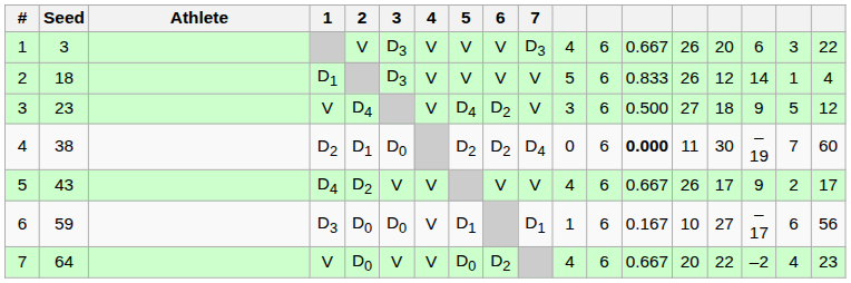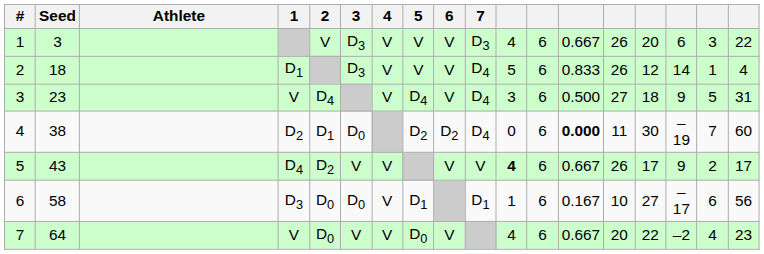 <table class="wikitable" style="text-align:center">
 <tr>
 <th width="25">#</th>
 <th width="25">Seed</th>
 <th width="200">Athlete</th>
 <th width="25">1</th>
 <th width="25">2</th>
 <th width="25">3</th>
 <th width="25">4</th>
 <th width="25">5</th>
 <th width="25">6</th>
 <th width="25">7</th>
 <th width="25"></th>
 <th width="25"></th>
 <th width="40"></th>
 <th width="25"></th>
 <th width="25"></th>
 <th width="25"></th>
 <th width="25"></th>
 <th width="25"></th>
 </tr>
 <tr bgcolor="#ccffcc">
 <td>1</td>
 <td>3</td>
 <td align=left></td>
 <td bgcolor="#cccccc"></td>
 <td>V</td>
 <td>D<sub>3</sub></td>
 <td>V</td>
 <td>V</td>
 <td>V</td>
 <td>D<sub>3</sub></td>
 <td>4</td>
 <td>6</td>
 <td>0.667</td>
 <td>26</td>
 <td>20</td>
 <td>6</td>
 <td>3</td>
 <td>22</td>
 </tr>
 <tr bgcolor="#ccffcc">
 <td>2</td>
 <td>18</td>
 <td align=left></td>
 <td>D<sub>1</sub></td>
 <td bgcolor="#cccccc"></td>
 <td>D<sub>3</sub></td>
 <td>V</td>
 <td>V</td>
 <td>V</td>
-<td>V</td>
+<td>D<sub>4</sub></td>
 <td>5</td>
 <td>6</td>
 <td>0.833</td>
 <td>26</td>
 <td>12</td>
 <td>14</td>
 <td>1</td>
 <td>4</td>
 </tr>
 <tr bgcolor="#ccffcc">
 <td>3</td>
 <td>23</td>
 <td align=left></td>
 <td>V</td>
 <td>D<sub>4</sub></td>
 <td bgcolor="#cccccc"></td>
 <td>V</td>
 <td>D<sub>4</sub></td>
-<td>D<sub>2</sub></td>
 <td>V</td>
+<td>D<sub>4</sub></td>
 <td>3</td>
 <td>6</td>
 <td>0.500</td>
 <td>27</td>
 <td>18</td>
 <td>9</td>
 <td>5</td>
-<td>12</td>
+<td>31</td>
 </tr>
 <tr>
 <td>4</td>
 <td>38</td>
 <td align=left></td>
 <td>D<sub>2</sub></td>
 <td>D<sub>1</sub></td>
 <td>D<sub>0</sub></td>
 <td bgcolor="#cccccc"></td>
 <td>D<sub>2</sub></td>
 <td>D<sub>2</sub></td>
 <td>D<sub>4</sub></td>
 <td>0</td>
 <td>6</td>
 <td><strong>0.000</strong></td>
 <td>11</td>
 <td>30</td>
 <td>–19</td>
 <td>7</td>
 <td>60</td>
 </tr>
 <tr bgcolor="#ccffcc">
 <td>5</td>
 <td>43</td>
 <td align=left></td>
 <td>D<sub>4</sub></td>
 <td>D<sub>2</sub></td>
 <td>V</td>
 <td>V</td>
 <td bgcolor="#cccccc"></td>
 <td>V</td>
 <td>V</td>
-<td>4</td>
+<td><strong>4</strong></td>
 <td>6</td>
 <td>0.667</td>
 <td>26</td>
 <td>17</td>
 <td>9</td>
 <td>2</td>
 <td>17</td>
 </tr>
 <tr>
 <td>6</td>
-<td>59</td>
+<td>58</td>
 <td align=left></td>
 <td>D<sub>3</sub></td>
 <td>D<sub>0</sub></td>
 <td>D<sub>0</sub></td>
 <td>V</td>
 <td>D<sub>1</sub></td>
 <td bgcolor="#cccccc"></td>
 <td>D<sub>1</sub></td>
 <td>1</td>
 <td>6</td>
 <td>0.167</td>
 <td>10</td>
 <td>27</td>
 <td>–17</td>
 <td>6</td>
 <td>56</td>
 </tr>
 <tr bgcolor="#ccffcc">
 <td>7</td>
 <td>64</td>
 <td align=left></td>
 <td>V</td>
 <td>D<sub>0</sub></td>
 <td>V</td>
 <td>V</td>
 <td>D<sub>0</sub></td>
-<td>D<sub>2</sub></td>
+<td>V</td>
 <td bgcolor="#cccccc"></td>
 <td>4</td>
 <td>6</td>
 <td>0.667</td>
 <td>20</td>
 <td>22</td>
 <td>–2</td>
 <td>4</td>
 <td>23</td>
 </tr>
 </table>
